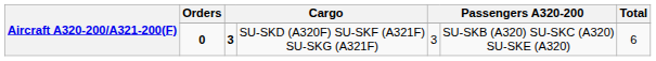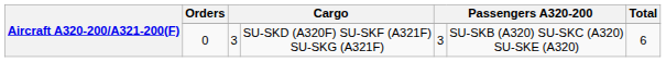 <table class="wikitable" style="border-collapse:collapse;text-align:center;margin:1em auto;">
 <tr>
 <th rowspan="5"><a href='#'>Aircraft A320-200/A321-200(F)</a></th>
 <th rowspan="1">Orders</th>
 <th colspan="2">Cargo</th>
 <th colspan="2">Passengers A320-200</th>
 <th Colspan="5">Total</th>
 </tr>
 <tr>
 </tr>
 <tr>
-<td><strong>0</strong></td>
-<td><strong>3</strong></td>
+<td>0</td>
+<td>3</td>
 <td>SU-SKD (A320F) SU-SKF (A321F)<br>SU-SKG (A321F)</td>
 <td>3</td>
 <td>SU-SKB (A320) SU-SKC (A320)<br>SU-SKE (A320)</td>
 <td>6</td>
 </tr>
 </table>
